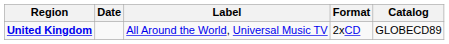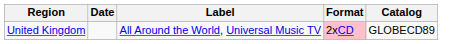 <table class="wikitable">
 <tr>
 <th><strong>Region</strong></th>
 <th><strong>Date</strong></th>
 <th><strong>Label</strong></th>
 <th><strong>Format</strong></th>
 <th><strong>Catalog</strong></th>
 </tr>
 <tr>
-<td><strong><a href='#'>United Kingdom</a></strong></td>
+<td><a href='#'>United Kingdom</a></td>
 <td></td>
 <td><a href='#'>All Around the World</a>, <a href='#'>Universal Music TV</a></td>
-<td>2x<a href='#'>CD</a></td>
+<td style="background: pink;">2x<a href='#'>CD</a></td>
 <td>GLOBECD89</td>
 </tr>
 </table>
